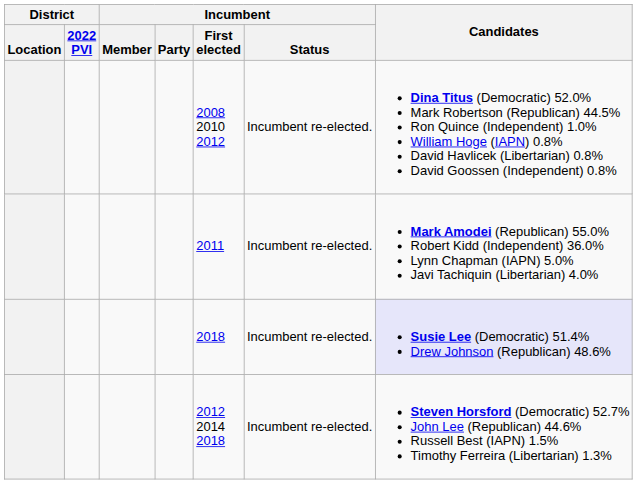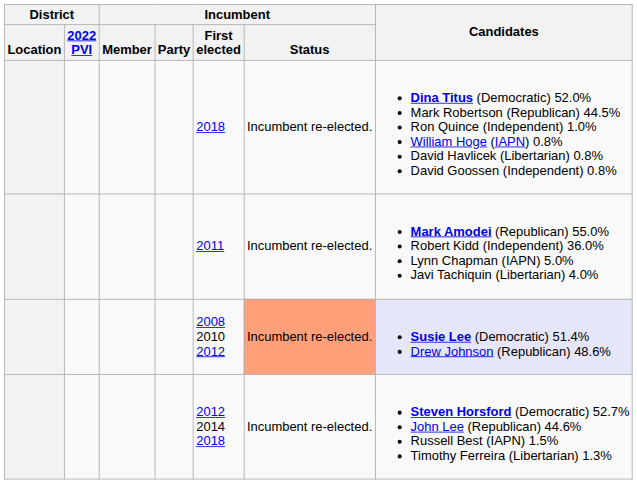 <table class="wikitable sortable">
 <tr>
 <th colspan=2>District</th>
 <th colspan=4>Incumbent</th>
 <th rowspan=2 class="unsortable">Candidates</th>
 </tr>
 <tr valign=bottom>
 <th>Location</th>
 <th><a href='#'>2022<br>PVI</a></th>
 <th>Member</th>
 <th>Party</th>
 <th>First<br>elected</th>
 <th>Status</th>
 </tr>
 <tr>
 <th></th>
 <td></td>
 <td></td>
 <td></td>
-<td><a href='#'>2008</a><br>2010 <br><a href='#'>2012</a></td>
+<td><a href='#'>2018</a></td>
 <td>Incumbent re-elected.</td>
 <td nowrap><br><ul><li> <strong><a href='#'>Dina Titus</a></strong> (Democratic) 52.0%</li><li>Mark Robertson (Republican) 44.5%</li><li>Ron Quince (Independent) 1.0%</li><li><a href='#'>William Hoge</a> (<a href='#'>IAPN</a>) 0.8%</li><li>David Havlicek (Libertarian) 0.8%</li><li>David Goossen (Independent) 0.8%</li></ul></td>
 </tr>
 <tr>
 <th></th>
 <td></td>
 <td></td>
 <td></td>
 <td><a href='#'>2011 </a></td>
 <td>Incumbent re-elected.</td>
 <td nowrap><br><ul><li> <strong><a href='#'>Mark Amodei</a></strong> (Republican) 55.0%</li><li>Robert Kidd (Independent) 36.0%</li><li>Lynn Chapman (IAPN) 5.0%</li><li>Javi Tachiquin (Libertarian) 4.0%</li></ul></td>
 </tr>
 <tr>
 <th></th>
 <td></td>
 <td></td>
 <td></td>
-<td><a href='#'>2018</a></td>
-<td>Incumbent re-elected.</td>
+<td><a href='#'>2008</a><br>2010 <br><a href='#'>2012</a></td>
+<td style="background: lightsalmon;">Incumbent re-elected.</td>
 <td nowrap style="background: lavender;"><br><ul><li> <strong><a href='#'>Susie Lee</a></strong> (Democratic) 51.4%</li><li><a href='#'>Drew Johnson</a> (Republican) 48.6%</li></ul></td>
 </tr>
 <tr>
 <th></th>
 <td></td>
 <td></td>
 <td></td>
 <td><a href='#'>2012</a><br>2014 <br><a href='#'>2018</a></td>
 <td>Incumbent re-elected.</td>
 <td nowrap><br><ul><li> <strong><a href='#'>Steven Horsford</a></strong> (Democratic) 52.7%</li><li><a href='#'>John Lee</a> (Republican) 44.6%</li><li>Russell Best (IAPN) 1.5%</li><li>Timothy Ferreira (Libertarian) 1.3%</li></ul></td>
 </tr>
 </table>
